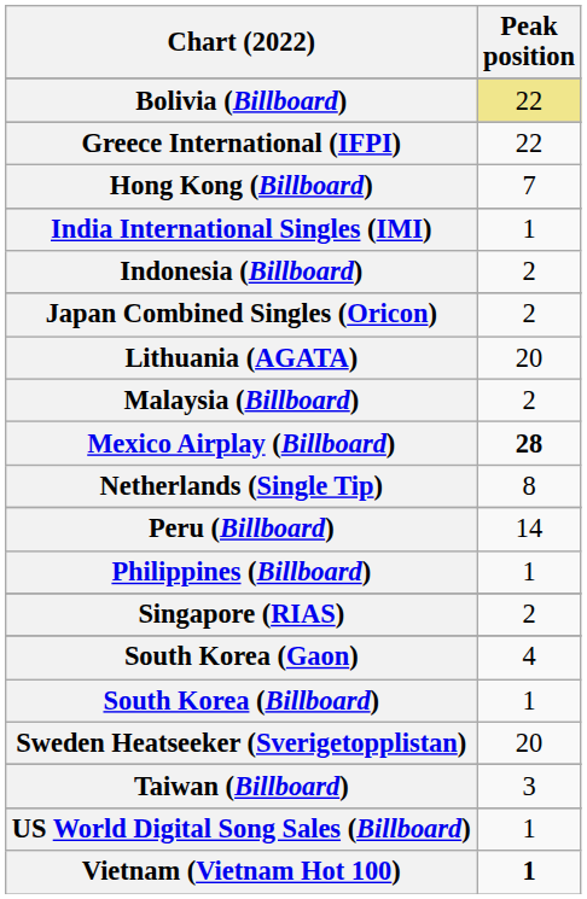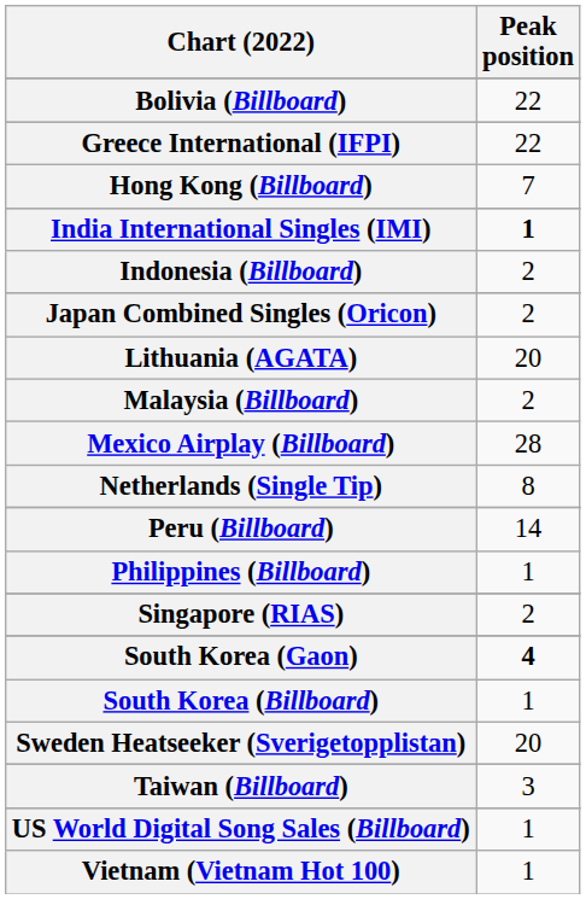 <table class="wikitable sortable plainrowheaders" style="text-align:center">
 <tr>
 <th scope="col">Chart (2022)</th>
 <th scope="col">Peak<br>position</th>
 </tr>
 <tr>
 </tr>
 <tr>
 </tr>
 <tr>
 <th scope="row">Bolivia (<em><a href='#'>Billboard</a></em>)</th>
-<td style="background: khaki;">22</td>
+<td>22</td>
 </tr>
 <tr>
 </tr>
 <tr>
 </tr>
 <tr>
 </tr>
 <tr>
 </tr>
 <tr>
 <th scope="row">Greece International (<a href='#'>IFPI</a>)</th>
 <td>22</td>
 </tr>
 <tr>
 <th scope="row">Hong Kong (<em><a href='#'>Billboard</a></em>)</th>
 <td>7</td>
 </tr>
 <tr>
 </tr>
 <tr>
 <th scope="row"><a href='#'>India International Singles</a> (<a href='#'>IMI</a>)</th>
-<td>1</td>
+<td><strong>1</strong></td>
 </tr>
 <tr>
 <th scope="row">Indonesia (<em><a href='#'>Billboard</a></em>)</th>
 <td>2</td>
 </tr>
 <tr>
 </tr>
 <tr>
 </tr>
 <tr>
 </tr>
 <tr>
 <th scope="row">Japan Combined Singles (<a href='#'>Oricon</a>)</th>
 <td>2</td>
 </tr>
 <tr>
 <th scope="row">Lithuania (<a href='#'>AGATA</a>)</th>
 <td>20</td>
 </tr>
 <tr>
 <th scope="row">Malaysia (<em><a href='#'>Billboard</a></em>)</th>
 <td>2</td>
 </tr>
 <tr>
 <th scope="row"><a href='#'>Mexico Airplay</a> (<em><a href='#'>Billboard</a></em>)</th>
-<td><strong>28</strong></td>
+<td>28</td>
 </tr>
 <tr>
 <th scope="row">Netherlands (<a href='#'>Single Tip</a>)</th>
 <td>8</td>
 </tr>
 <tr>
 </tr>
 <tr>
 <th scope="row">Peru (<em><a href='#'>Billboard</a></em>)</th>
 <td>14</td>
 </tr>
 <tr>
 <th scope="row"><a href='#'>Philippines</a> (<em><a href='#'>Billboard</a></em>)</th>
 <td>1</td>
 </tr>
 <tr>
 </tr>
 <tr>
 <th scope="row">Singapore (<a href='#'>RIAS</a>)</th>
 <td>2</td>
 </tr>
 <tr>
 </tr>
 <tr>
 <th scope="row">South Korea (<a href='#'>Gaon</a>)</th>
-<td>4</td>
+<td><strong>4</strong></td>
 </tr>
 <tr>
 <th scope="row"><a href='#'>South Korea</a> (<em><a href='#'>Billboard</a></em>)</th>
 <td>1</td>
 </tr>
 <tr>
 <th scope="row">Sweden Heatseeker (<a href='#'>Sverigetopplistan</a>)</th>
 <td>20</td>
 </tr>
 <tr>
 </tr>
 <tr>
 <th scope="row">Taiwan (<em><a href='#'>Billboard</a></em>)</th>
 <td>3</td>
 </tr>
 <tr>
 </tr>
 <tr>
 </tr>
 <tr>
 <th scope="row">US <a href='#'>World Digital Song Sales</a> (<em><a href='#'>Billboard</a></em>)</th>
 <td>1</td>
 </tr>
 <tr>
 <th scope="row">Vietnam (<a href='#'>Vietnam Hot 100</a>)</th>
-<td><strong>1</strong></td>
+<td>1</td>
 </tr>
 </table>
